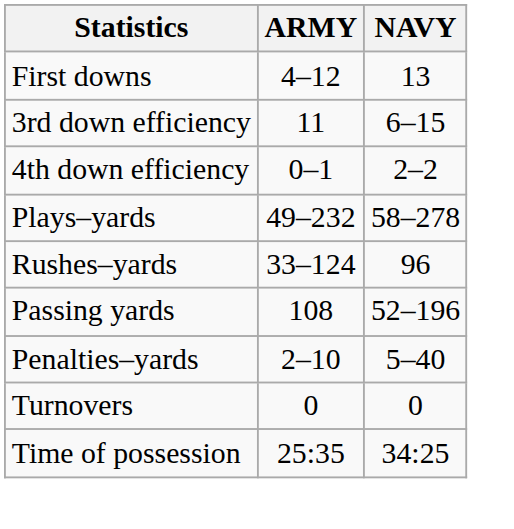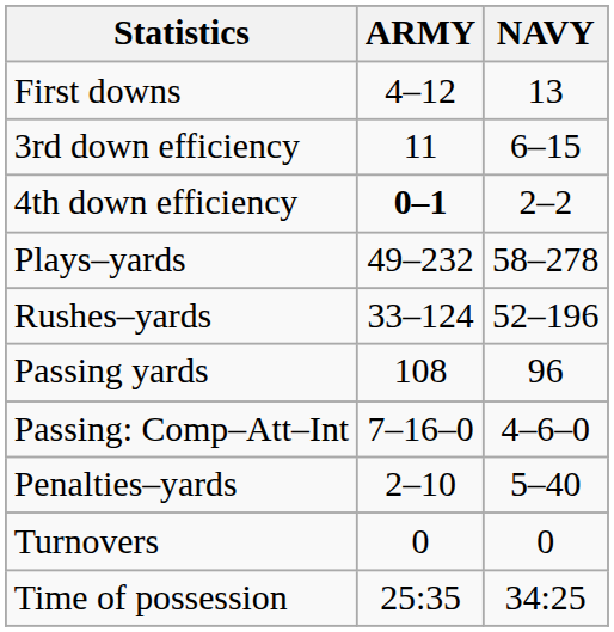 <table class="wikitable">
 <tr>
 <th>Statistics</th>
 <th>ARMY</th>
 <th>NAVY</th>
 </tr>
 <tr>
 <td>First downs</td>
 <td align=center>4–12</td>
 <td align=center>13</td>
 </tr>
 <tr>
 <td>3rd down efficiency</td>
 <td align=center>11</td>
 <td align=center>6–15</td>
 </tr>
 <tr>
 <td>4th down efficiency</td>
-<td align=center>0–1</td>
+<td align=center><strong>0–1</strong></td>
 <td align=center>2–2</td>
 </tr>
 <tr>
 <td>Plays–yards</td>
 <td align=center>49–232</td>
 <td align=center>58–278</td>
 </tr>
 <tr>
 <td>Rushes–yards</td>
 <td align=center>33–124</td>
-<td align=center>96</td>
+<td align=center>52–196</td>
 </tr>
 <tr>
 <td>Passing yards</td>
 <td align=center>108</td>
-<td align=center>52–196</td>
+<td align=center>96</td>
+</tr>
+<tr>
+<td>Passing: Comp–Att–Int</td>
+<td align=center>7–16–0</td>
+<td align=center>4–6–0</td>
 </tr>
 <tr>
 <td>Penalties–yards</td>
 <td align=center>2–10</td>
 <td align=center>5–40</td>
 </tr>
 <tr>
 <td>Turnovers</td>
 <td align=center>0</td>
 <td align=center>0</td>
 </tr>
 <tr>
 <td>Time of possession</td>
 <td align=center>25:35</td>
 <td align=center>34:25</td>
 </tr>
 </table>
